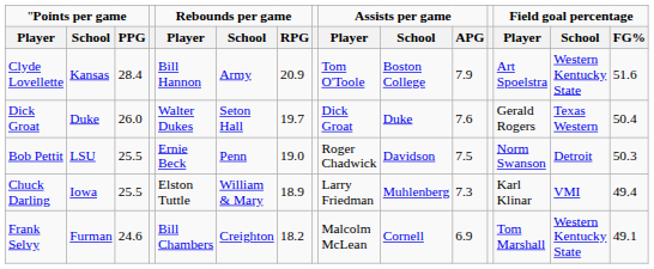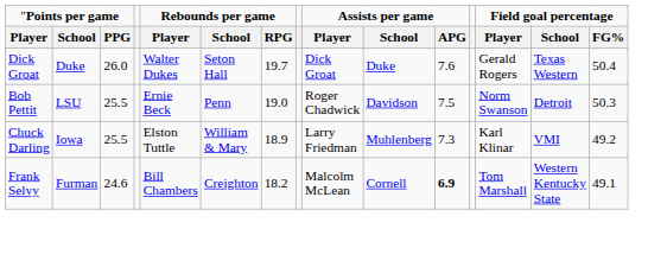 <table class="wikitable" style="text-align: left;">
 <tr>
 <td colspan=3 style="text-align: center;">"<strong>Points per game</strong></td>
 <td></td>
 <td colspan=3 style="text-align: center;"><strong>Rebounds per game</strong></td>
 <td></td>
 <td colspan=3 style="text-align: center;"><strong>Assists per game</strong></td>
 <td></td>
 <td colspan=3 style="text-align: center;"><strong>Field goal percentage</strong></td>
 </tr>
 <tr>
 <th>Player</th>
 <th>School</th>
 <th>PPG</th>
 <th></th>
 <th>Player</th>
 <th>School</th>
 <th>RPG</th>
 <th></th>
 <th>Player</th>
 <th>School</th>
 <th>APG</th>
 <th></th>
 <th>Player</th>
 <th>School</th>
 <th>FG%</th>
-</tr>
-<tr>
-<td align="left"><a href='#'>Clyde Lovellette</a></td>
-<td><a href='#'>Kansas</a></td>
-<td>28.4</td>
-<td></td>
-<td><a href='#'>Bill Hannon</a></td>
-<td><a href='#'>Army</a></td>
-<td>20.9</td>
-<td></td>
-<td><a href='#'>Tom O'Toole</a></td>
-<td><a href='#'>Boston College</a></td>
-<td>7.9</td>
-<td></td>
-<td><a href='#'>Art Spoelstra</a></td>
-<td><a href='#'>Western Kentucky State</a></td>
-<td>51.6</td>
 </tr>
 <tr>
 <td align="left"><a href='#'>Dick Groat</a></td>
 <td><a href='#'>Duke</a></td>
 <td>26.0</td>
 <td></td>
 <td><a href='#'>Walter Dukes</a></td>
 <td><a href='#'>Seton Hall</a></td>
 <td>19.7</td>
 <td></td>
 <td><a href='#'>Dick Groat</a></td>
 <td><a href='#'>Duke</a></td>
 <td>7.6</td>
 <td></td>
 <td>Gerald Rogers</td>
 <td><a href='#'>Texas Western</a></td>
 <td>50.4</td>
 </tr>
 <tr>
 <td align="left"><a href='#'>Bob Pettit</a></td>
 <td><a href='#'>LSU</a></td>
 <td>25.5</td>
 <td></td>
 <td><a href='#'>Ernie Beck</a></td>
 <td><a href='#'>Penn</a></td>
 <td>19.0</td>
 <td></td>
 <td>Roger Chadwick</td>
 <td><a href='#'>Davidson</a></td>
 <td>7.5</td>
 <td></td>
 <td><a href='#'>Norm Swanson</a></td>
 <td><a href='#'>Detroit</a></td>
 <td>50.3</td>
 </tr>
 <tr>
 <td align="left"><a href='#'>Chuck Darling</a></td>
 <td><a href='#'>Iowa</a></td>
 <td>25.5</td>
 <td></td>
 <td>Elston Tuttle</td>
 <td><a href='#'>William & Mary</a></td>
 <td>18.9</td>
 <td></td>
 <td>Larry Friedman</td>
 <td><a href='#'>Muhlenberg</a></td>
 <td>7.3</td>
 <td></td>
 <td>Karl Klinar</td>
 <td><a href='#'>VMI</a></td>
-<td>49.4</td>
+<td>49.2</td>
 </tr>
 <tr>
 <td align="left"><a href='#'>Frank Selvy</a></td>
 <td><a href='#'>Furman</a></td>
 <td>24.6</td>
 <td></td>
 <td><a href='#'>Bill Chambers</a></td>
 <td><a href='#'>Creighton</a></td>
 <td>18.2</td>
 <td></td>
 <td>Malcolm McLean</td>
 <td><a href='#'>Cornell</a></td>
-<td>6.9</td>
+<td><strong>6.9</strong></td>
 <td></td>
 <td><a href='#'>Tom Marshall</a></td>
 <td><a href='#'>Western Kentucky State</a></td>
 <td>49.1</td>
 </tr>
 </table>
